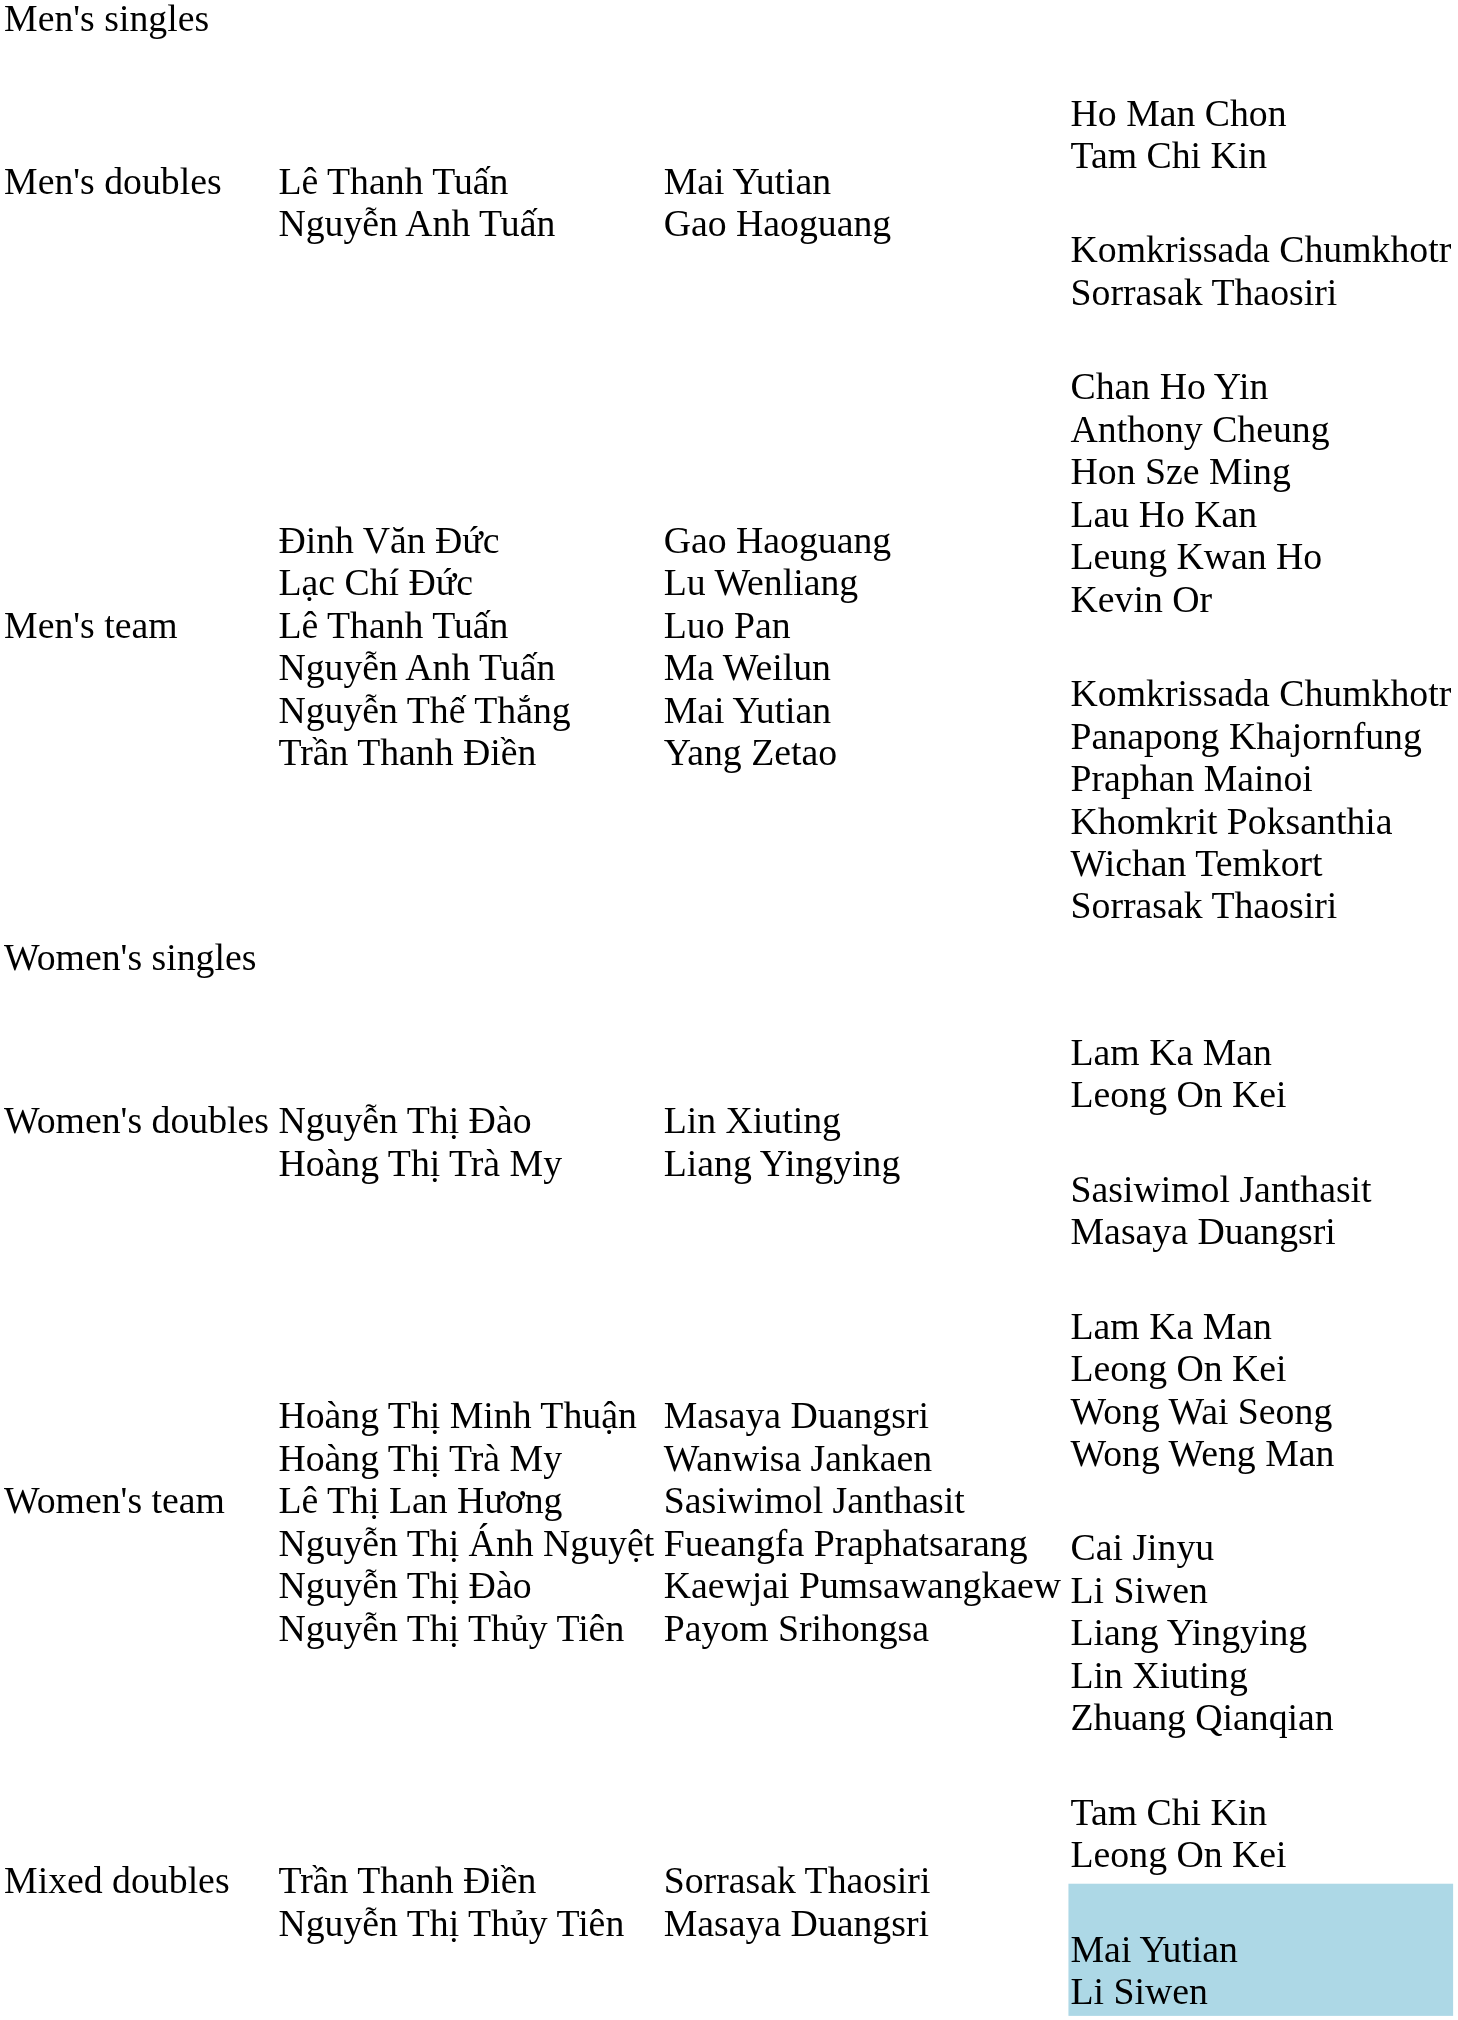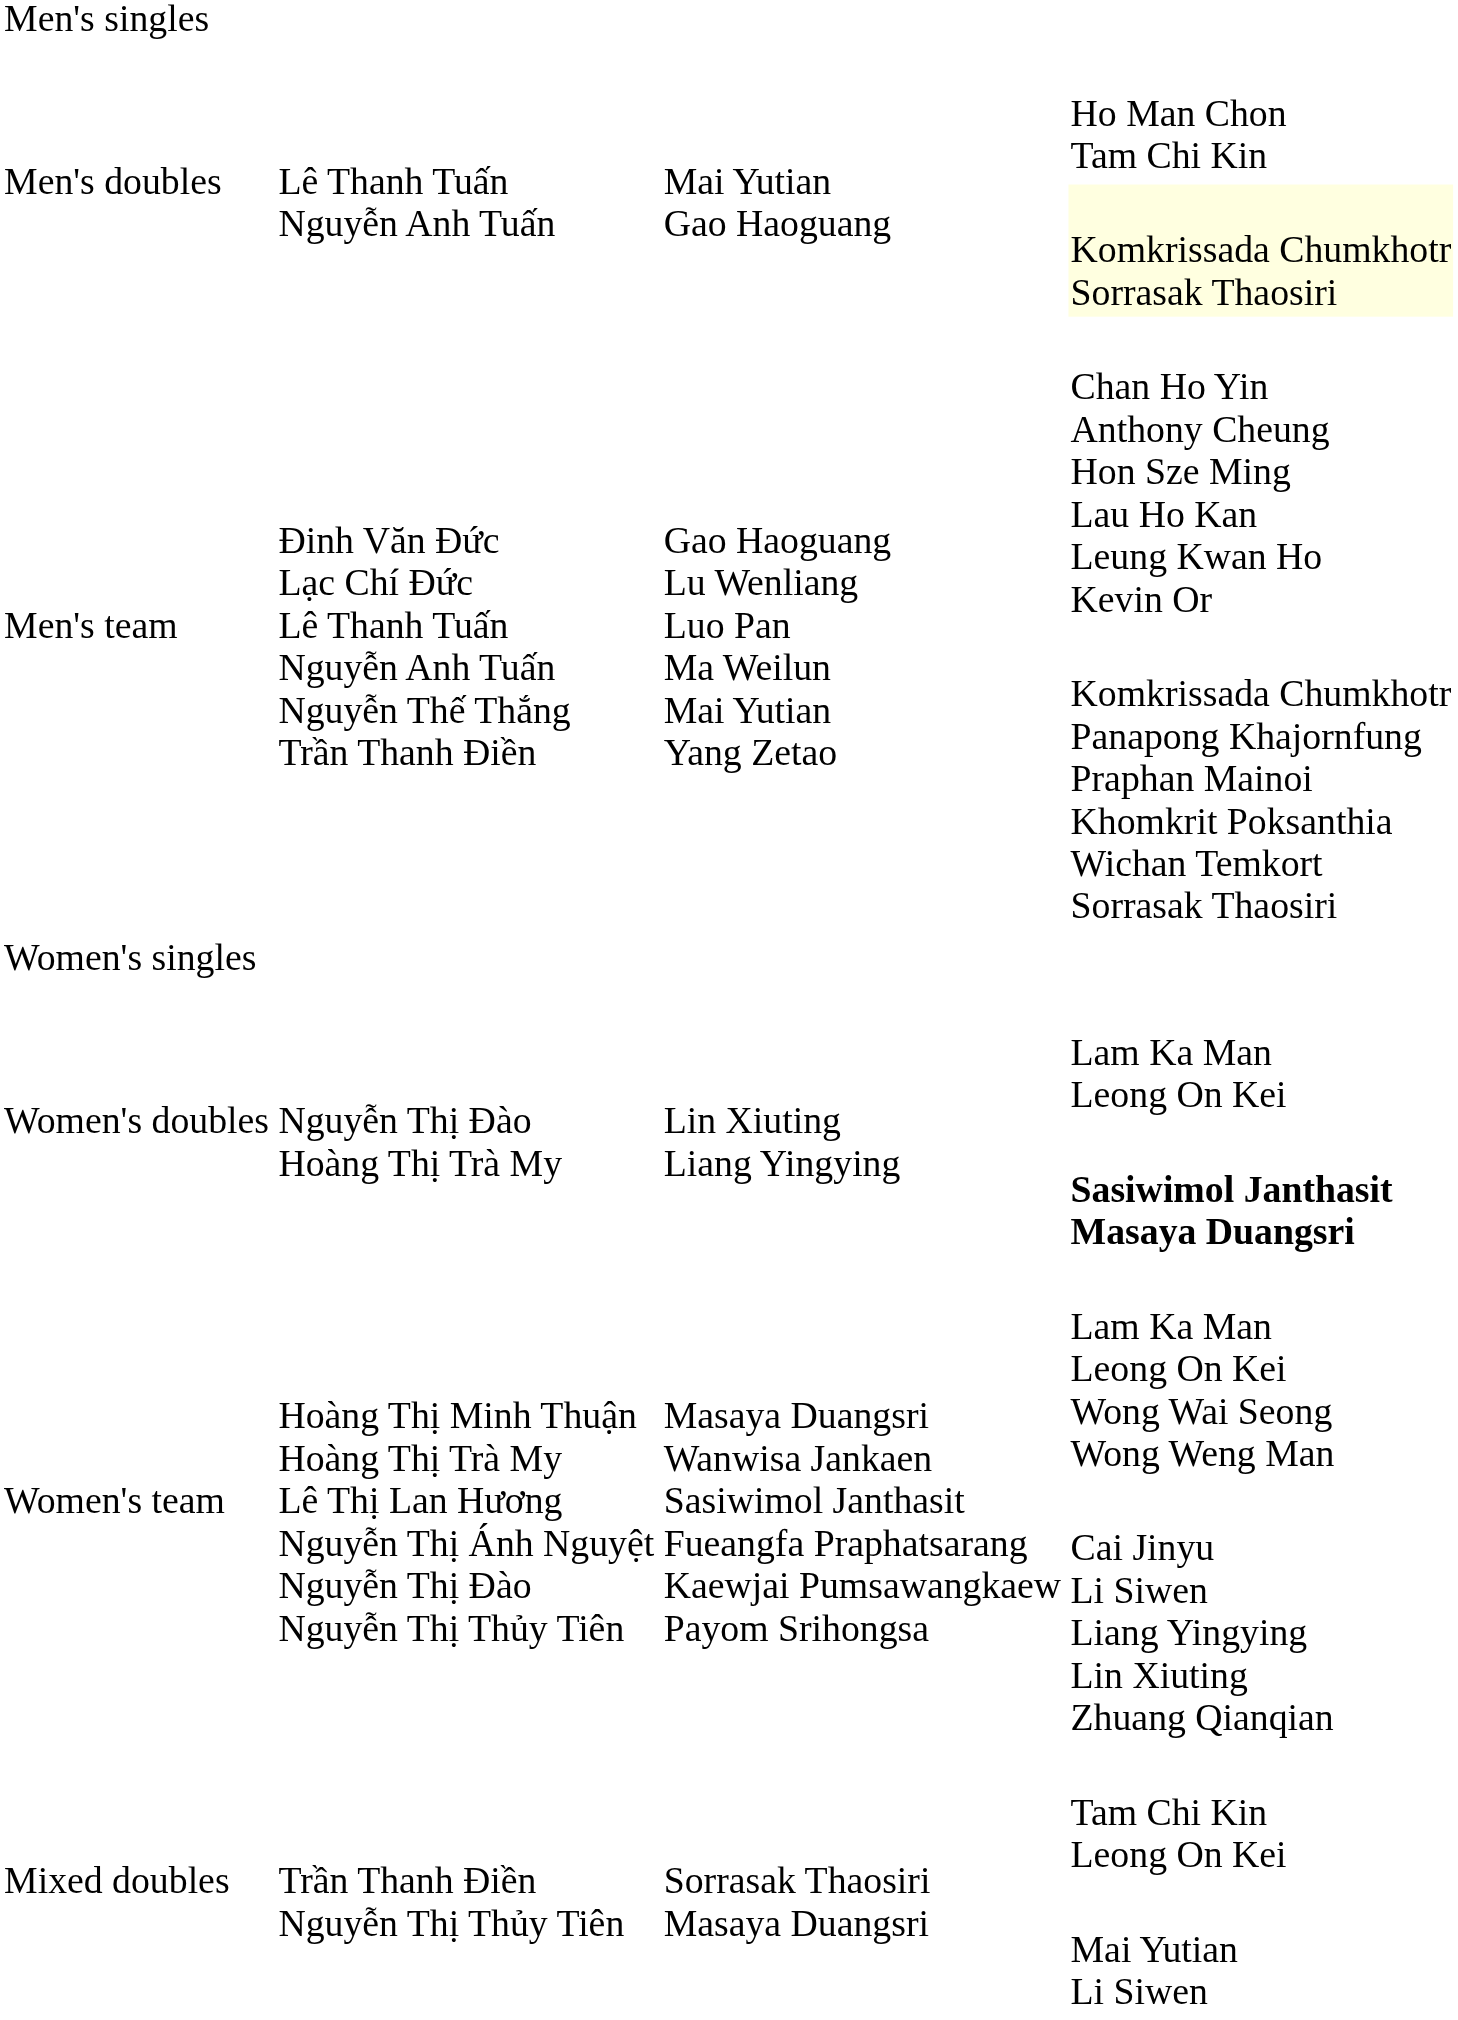 <table>
 <tr>
 <td rowspan=2>Men's singles</td>
 <td rowspan=2></td>
 <td rowspan=2></td>
 <td></td>
 </tr>
 <tr>
 <td></td>
 </tr>
 <tr>
 <td rowspan=2>Men's doubles</td>
 <td rowspan=2><br>Lê Thanh Tuấn<br>Nguyễn Anh Tuấn</td>
 <td rowspan=2><br>Mai Yutian<br>Gao Haoguang</td>
 <td><br>Ho Man Chon<br>Tam Chi Kin</td>
 </tr>
 <tr>
-<td><br>Komkrissada Chumkhotr<br>Sorrasak Thaosiri</td>
+<td style="background: lightyellow;"><br>Komkrissada Chumkhotr<br>Sorrasak Thaosiri</td>
 </tr>
 <tr>
 <td rowspan=2>Men's team</td>
 <td rowspan=2><br>Đinh Văn Đức<br>Lạc Chí Đức<br>Lê Thanh Tuấn<br>Nguyễn Anh Tuấn<br>Nguyễn Thế Thắng<br>Trần Thanh Điền</td>
 <td rowspan=2><br>Gao Haoguang<br>Lu Wenliang<br>Luo Pan<br>Ma Weilun<br>Mai Yutian<br>Yang Zetao</td>
 <td><br>Chan Ho Yin<br>Anthony Cheung<br>Hon Sze Ming<br>Lau Ho Kan<br>Leung Kwan Ho<br>Kevin Or</td>
 </tr>
 <tr>
 <td><br>Komkrissada Chumkhotr<br>Panapong Khajornfung<br>Praphan Mainoi<br>Khomkrit Poksanthia<br>Wichan Temkort<br>Sorrasak Thaosiri</td>
 </tr>
 <tr>
 <td rowspan=2>Women's singles</td>
 <td rowspan=2></td>
 <td rowspan=2></td>
 <td></td>
 </tr>
 <tr>
 <td></td>
 </tr>
 <tr>
 <td rowspan=2>Women's doubles</td>
 <td rowspan=2><br>Nguyễn Thị Đào<br>Hoàng Thị Trà My</td>
 <td rowspan=2><br>Lin Xiuting<br>Liang Yingying</td>
 <td><br>Lam Ka Man<br>Leong On Kei</td>
 </tr>
 <tr>
-<td><br>Sasiwimol Janthasit<br>Masaya Duangsri</td>
+<td><strong><br>Sasiwimol Janthasit<br>Masaya Duangsri</strong></td>
 </tr>
 <tr>
 <td rowspan=2>Women's team</td>
 <td rowspan=2><br>Hoàng Thị Minh Thuận<br>Hoàng Thị Trà My<br>Lê Thị Lan Hương<br>Nguyễn Thị Ánh Nguyệt<br>Nguyễn Thị Đào<br>Nguyễn Thị Thủy Tiên</td>
 <td rowspan=2><br>Masaya Duangsri<br>Wanwisa Jankaen<br>Sasiwimol Janthasit<br>Fueangfa Praphatsarang<br>Kaewjai Pumsawangkaew<br>Payom Srihongsa</td>
 <td><br>Lam Ka Man<br>Leong On Kei<br>Wong Wai Seong<br>Wong Weng Man</td>
 </tr>
 <tr>
 <td><br>Cai Jinyu<br>Li Siwen<br>Liang Yingying<br>Lin Xiuting<br>Zhuang Qianqian</td>
 </tr>
 <tr>
 <td rowspan=2>Mixed doubles</td>
 <td rowspan=2><br>Trần Thanh Điền<br>Nguyễn Thị Thủy Tiên</td>
 <td rowspan=2><br>Sorrasak Thaosiri<br>Masaya Duangsri</td>
 <td><br>Tam Chi Kin<br>Leong On Kei</td>
 </tr>
 <tr>
-<td style="background: lightblue;"><br>Mai Yutian<br>Li Siwen</td>
+<td><br>Mai Yutian<br>Li Siwen</td>
 </tr>
 </table>
